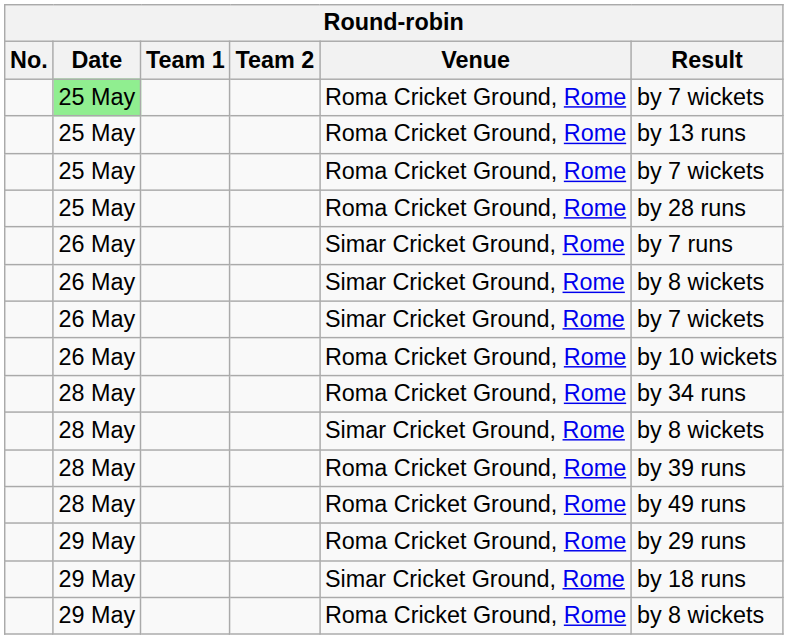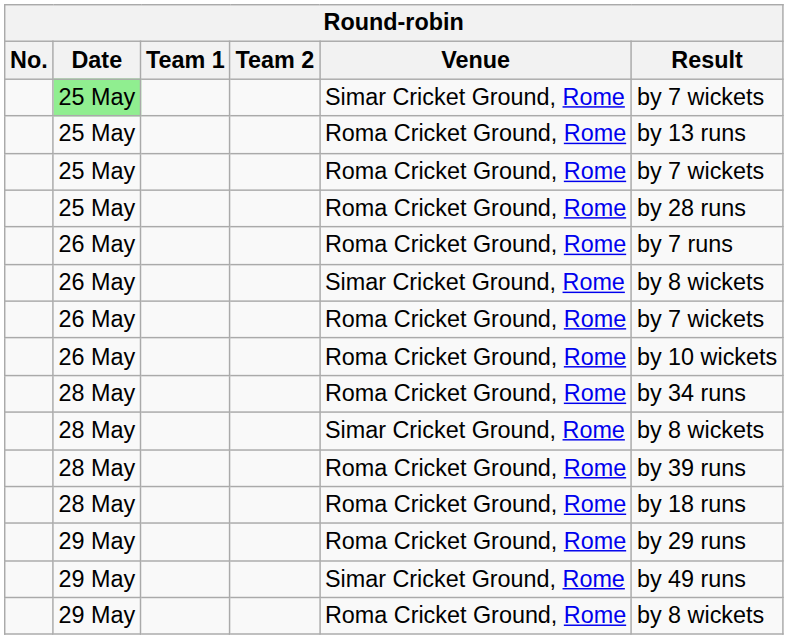 <table class="wikitable">
 <tr>
 <th colspan="6">Round-robin</th>
 </tr>
 <tr>
 <th>No.</th>
 <th>Date</th>
 <th>Team 1</th>
 <th>Team 2</th>
 <th>Venue</th>
 <th>Result</th>
 </tr>
 <tr>
 <td></td>
 <td style="background: lightgreen;">25 May</td>
 <td></td>
 <td></td>
-<td>Roma Cricket Ground, <a href='#'>Rome</a></td>
+<td>Simar Cricket Ground, <a href='#'>Rome</a></td>
 <td> by 7 wickets</td>
 </tr>
 <tr>
 <td></td>
 <td>25 May</td>
 <td></td>
 <td></td>
 <td>Roma Cricket Ground, <a href='#'>Rome</a></td>
 <td> by 13 runs</td>
 </tr>
 <tr>
 <td></td>
 <td>25 May</td>
 <td></td>
 <td></td>
 <td>Roma Cricket Ground, <a href='#'>Rome</a></td>
 <td> by 7 wickets</td>
 </tr>
 <tr>
 <td></td>
 <td>25 May</td>
 <td></td>
 <td></td>
 <td>Roma Cricket Ground, <a href='#'>Rome</a></td>
 <td> by 28 runs</td>
 </tr>
 <tr>
 <td></td>
 <td>26 May</td>
 <td></td>
 <td></td>
-<td>Simar Cricket Ground, <a href='#'>Rome</a></td>
+<td>Roma Cricket Ground, <a href='#'>Rome</a></td>
 <td> by 7 runs</td>
 </tr>
 <tr>
 <td></td>
 <td>26 May</td>
 <td></td>
 <td></td>
 <td>Simar Cricket Ground, <a href='#'>Rome</a></td>
 <td> by 8 wickets</td>
 </tr>
 <tr>
 <td></td>
 <td>26 May</td>
 <td></td>
 <td></td>
-<td>Simar Cricket Ground, <a href='#'>Rome</a></td>
+<td>Roma Cricket Ground, <a href='#'>Rome</a></td>
 <td> by 7 wickets</td>
 </tr>
 <tr>
 <td></td>
 <td>26 May</td>
 <td></td>
 <td></td>
 <td>Roma Cricket Ground, <a href='#'>Rome</a></td>
 <td> by 10 wickets</td>
 </tr>
 <tr>
 <td></td>
 <td>28 May</td>
 <td></td>
 <td></td>
 <td>Roma Cricket Ground, <a href='#'>Rome</a></td>
 <td> by 34 runs</td>
 </tr>
 <tr>
 <td></td>
 <td>28 May</td>
 <td></td>
 <td></td>
 <td>Simar Cricket Ground, <a href='#'>Rome</a></td>
 <td> by 8 wickets</td>
 </tr>
 <tr>
 <td></td>
 <td>28 May</td>
 <td></td>
 <td></td>
 <td>Roma Cricket Ground, <a href='#'>Rome</a></td>
 <td> by 39 runs</td>
 </tr>
 <tr>
 <td></td>
 <td>28 May</td>
 <td></td>
 <td></td>
 <td>Roma Cricket Ground, <a href='#'>Rome</a></td>
-<td> by 49 runs</td>
+<td> by 18 runs</td>
 </tr>
 <tr>
 <td></td>
 <td>29 May</td>
 <td></td>
 <td></td>
 <td>Roma Cricket Ground, <a href='#'>Rome</a></td>
 <td> by 29 runs</td>
 </tr>
 <tr>
 <td></td>
 <td>29 May</td>
 <td></td>
 <td></td>
 <td>Simar Cricket Ground, <a href='#'>Rome</a></td>
-<td> by 18 runs</td>
+<td> by 49 runs</td>
 </tr>
 <tr>
 <td></td>
 <td>29 May</td>
 <td></td>
 <td></td>
 <td>Roma Cricket Ground, <a href='#'>Rome</a></td>
 <td> by 8 wickets</td>
 </tr>
 </table>
